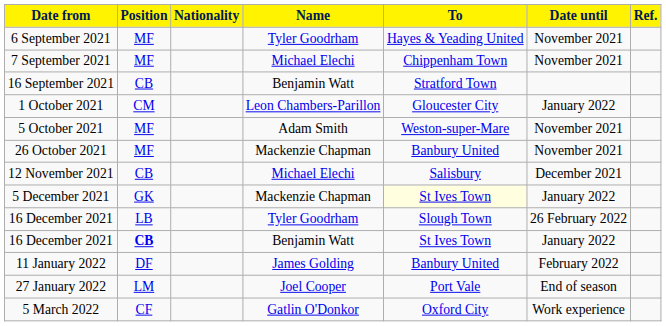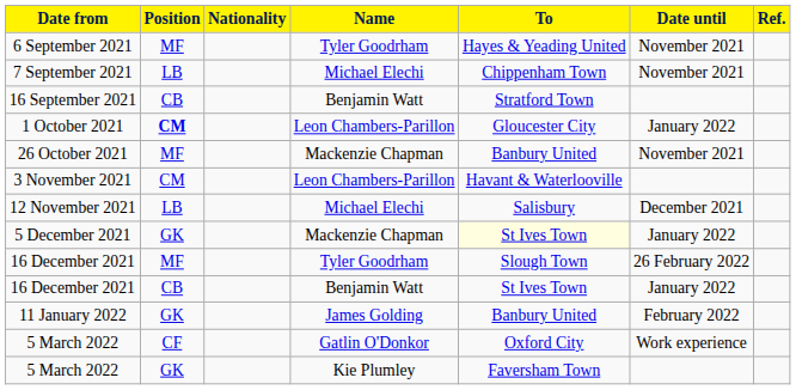 <table class="wikitable"  style="text-align:center; font-size:90%; ">
 <tr>
 <th style="background:#FFF300; color:#001958; ">Date from</th>
 <th style="background:#FFF300; color:#001958; ">Position</th>
 <th style="background:#FFF300; color:#001958; ">Nationality</th>
 <th style="background:#FFF300; color:#001958; ">Name</th>
 <th style="background:#FFF300; color:#001958; ">To</th>
 <th style="background:#FFF300; color:#001958; ">Date until</th>
 <th style="background:#FFF300; color:#001958; ">Ref.</th>
 </tr>
 <tr>
 <td>6 September 2021</td>
 <td><a href='#'>MF</a></td>
 <td></td>
 <td><a href='#'>Tyler Goodrham</a></td>
 <td> <a href='#'>Hayes & Yeading United</a></td>
 <td>November 2021</td>
 <td></td>
 </tr>
 <tr>
 <td>7 September 2021</td>
-<td><a href='#'>MF</a></td>
+<td><a href='#'>LB</a></td>
 <td></td>
 <td><a href='#'>Michael Elechi</a></td>
 <td> <a href='#'>Chippenham Town</a></td>
 <td>November 2021</td>
 <td></td>
 </tr>
 <tr>
 <td>16 September 2021</td>
 <td><a href='#'>CB</a></td>
 <td></td>
 <td>Benjamin Watt</td>
 <td> <a href='#'>Stratford Town</a></td>
 <td></td>
 <td></td>
 </tr>
 <tr>
 <td>1 October 2021</td>
-<td><a href='#'>CM</a></td>
+<td><strong><a href='#'>CM</a></strong></td>
 <td></td>
 <td><a href='#'>Leon Chambers-Parillon</a></td>
 <td> <a href='#'>Gloucester City</a></td>
 <td>January 2022</td>
-<td></td>
-</tr>
-<tr>
-<td>5 October 2021</td>
-<td><a href='#'>MF</a></td>
-<td></td>
-<td>Adam Smith</td>
-<td> <a href='#'>Weston-super-Mare</a></td>
-<td>November 2021</td>
 <td></td>
 </tr>
 <tr>
 <td>26 October 2021</td>
 <td><a href='#'>MF</a></td>
 <td></td>
 <td>Mackenzie Chapman</td>
 <td> <a href='#'>Banbury United</a></td>
 <td>November 2021</td>
 <td></td>
 </tr>
 <tr>
+<td>3 November 2021</td>
+<td><a href='#'>CM</a></td>
+<td></td>
+<td><a href='#'>Leon Chambers-Parillon</a></td>
+<td> <a href='#'>Havant & Waterlooville</a></td>
+<td></td>
+<td></td>
+</tr>
+<tr>
 <td>12 November 2021</td>
-<td><a href='#'>CB</a></td>
+<td><a href='#'>LB</a></td>
 <td></td>
 <td><a href='#'>Michael Elechi</a></td>
 <td> <a href='#'>Salisbury</a></td>
 <td>December 2021</td>
 <td></td>
 </tr>
 <tr>
 <td>5 December 2021</td>
 <td><a href='#'>GK</a></td>
 <td></td>
 <td>Mackenzie Chapman</td>
 <td style="background: lightyellow;"> <a href='#'>St Ives Town</a></td>
 <td>January 2022</td>
 <td></td>
 </tr>
 <tr>
 <td>16 December 2021</td>
-<td><a href='#'>LB</a></td>
+<td><a href='#'>MF</a></td>
 <td></td>
 <td><a href='#'>Tyler Goodrham</a></td>
 <td> <a href='#'>Slough Town</a></td>
 <td>26 February 2022</td>
 <td></td>
 </tr>
 <tr>
 <td>16 December 2021</td>
-<td><strong><a href='#'>CB</a></strong></td>
+<td><a href='#'>CB</a></td>
 <td></td>
 <td>Benjamin Watt</td>
 <td> <a href='#'>St Ives Town</a></td>
 <td>January 2022</td>
 <td></td>
 </tr>
 <tr>
 <td>11 January 2022</td>
-<td><a href='#'>DF</a></td>
+<td><a href='#'>GK</a></td>
 <td></td>
 <td><a href='#'>James Golding</a></td>
 <td> <a href='#'>Banbury United</a></td>
 <td>February 2022</td>
-<td></td>
-</tr>
-<tr>
-<td>27 January 2022</td>
-<td><a href='#'>LM</a></td>
-<td></td>
-<td><a href='#'>Joel Cooper</a></td>
-<td> <a href='#'>Port Vale</a></td>
-<td>End of season</td>
 <td></td>
 </tr>
 <tr>
 <td>5 March 2022</td>
 <td><a href='#'>CF</a></td>
 <td></td>
 <td><a href='#'>Gatlin O'Donkor</a></td>
 <td> <a href='#'>Oxford City</a></td>
 <td>Work experience</td>
 <td></td>
 </tr>
+<tr>
+<td>5 March 2022</td>
+<td><a href='#'>GK</a></td>
+<td></td>
+<td>Kie Plumley</td>
+<td> <a href='#'>Faversham Town</a></td>
+<td></td>
+<td></td>
+</tr>
 </table>
